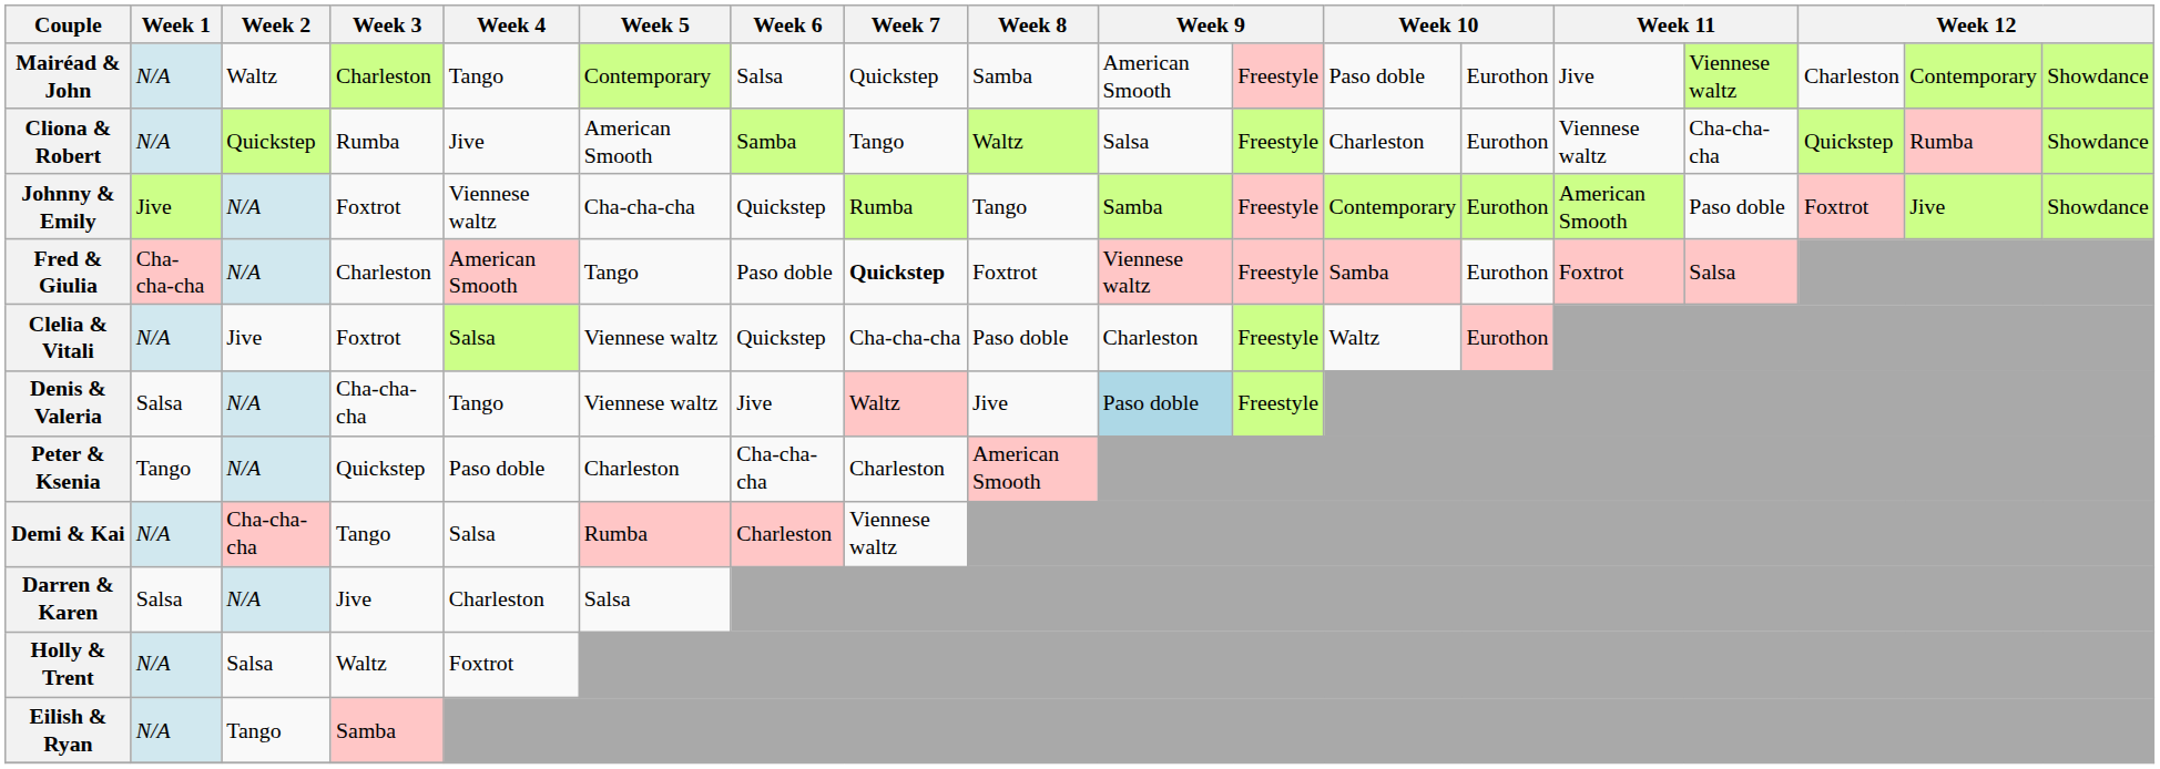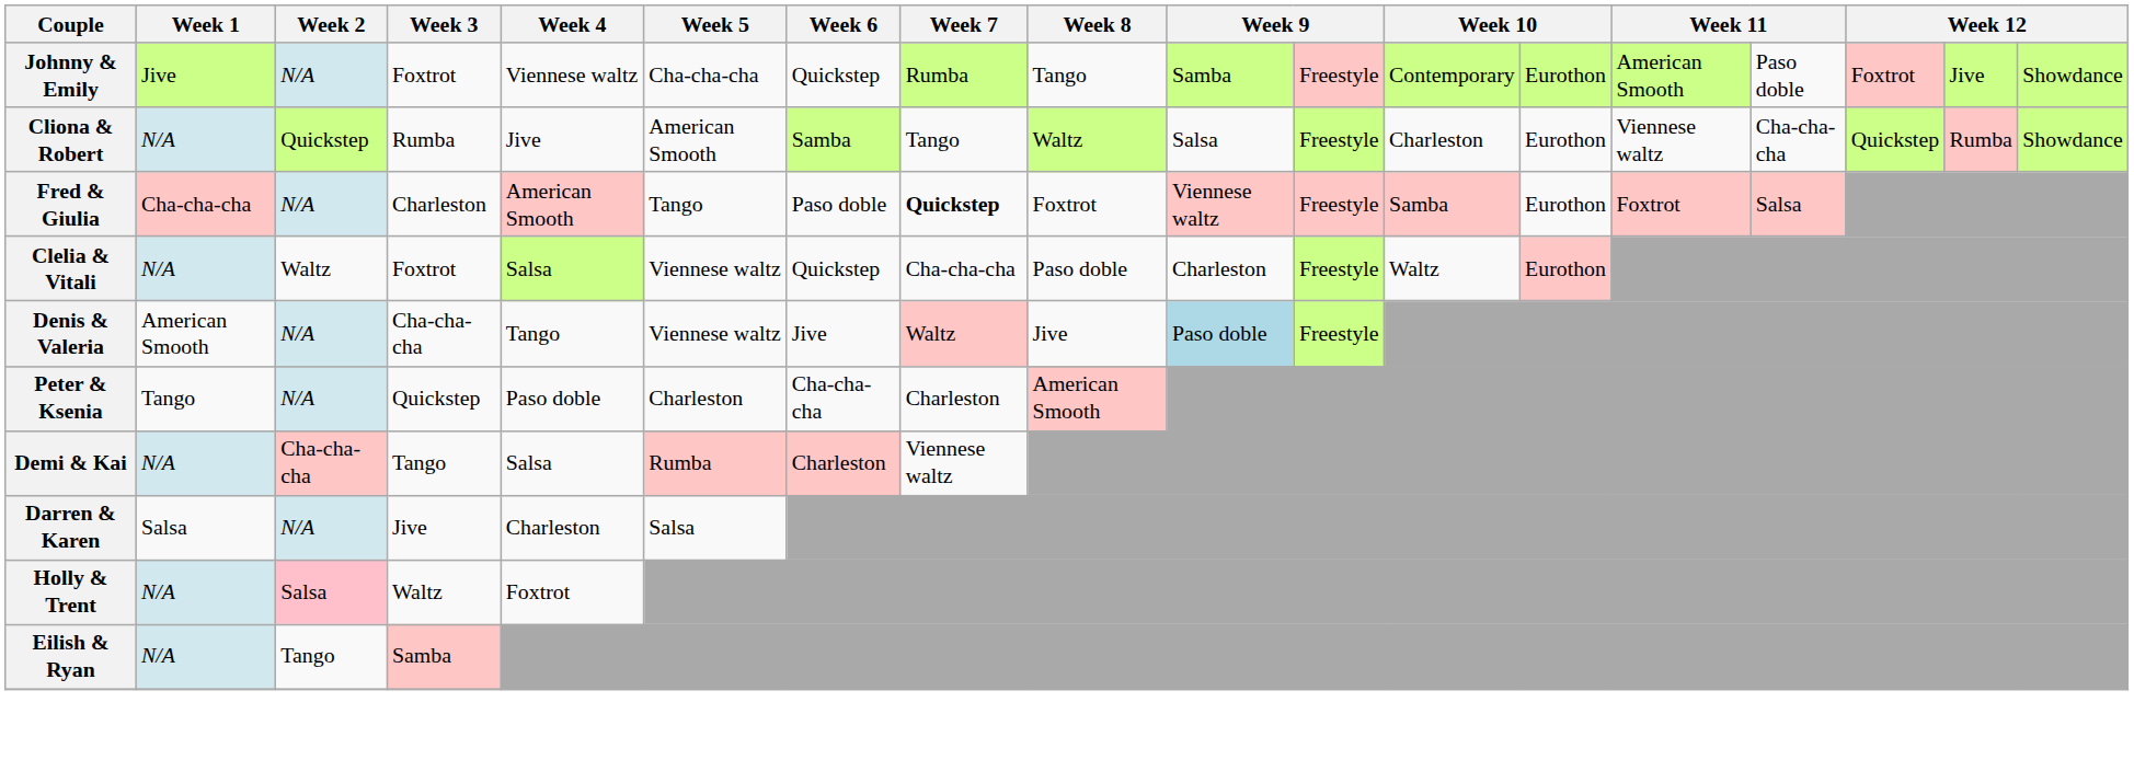 <table class="wikitable" style="text-align:left; font-size:80%; line-height:16px;">
 <tr>
 <th>Couple</th>
 <th>Week 1</th>
 <th>Week 2</th>
 <th>Week 3</th>
 <th>Week 4</th>
 <th>Week 5</th>
 <th>Week 6</th>
 <th>Week 7</th>
 <th>Week 8</th>
 <th colspan="2">Week 9</th>
 <th colspan="2">Week 10</th>
 <th colspan="2">Week 11</th>
 <th colspan="3">Week 12</th>
 </tr>
 <tr>
-<th>Mairéad & John</th>
+<th>Johnny & Emily</th>
+<td style="background:#ccff88;">Jive</td>
 <td style="background:#D1E8EF;"><em>N/A</em></td>
-<td>Waltz</td>
-<td style="background:#ccff88;">Charleston</td>
+<td>Foxtrot</td>
+<td>Viennese waltz</td>
+<td>Cha-cha-cha</td>
+<td>Quickstep <br></td>
+<td style="background:#ccff88;">Rumba</td>
 <td>Tango</td>
+<td style="background:#ccff88;">Samba</td>
+<td style="background:#ffc6c6;">Freestyle <br></td>
 <td style="background:#ccff88;">Contemporary</td>
-<td>Salsa <br></td>
-<td>Quickstep</td>
-<td>Samba</td>
-<td>American Smooth</td>
-<td style="background:#ffc6c6;">Freestyle <br></td>
+<td style="background:#ccff88;">Eurothon</td>
+<td style="background:#ccff88;">American Smooth</td>
 <td>Paso doble</td>
-<td>Eurothon</td>
-<td>Jive</td>
-<td style="background:#ccff88;">Viennese waltz</td>
-<td>Charleston</td>
-<td style="background:#ccff88;">Contemporary</td>
+<td style="background:#ffc6c6;">Foxtrot</td>
+<td style="background:#ccff88;">Jive</td>
 <td style="background:#ccff88;">Showdance</td>
 </tr>
 <tr>
 <th>Cliona & Robert</th>
 <td style="background:#D1E8EF;"><em>N/A</em></td>
 <td style="background:#ccff88;">Quickstep</td>
 <td>Rumba</td>
 <td>Jive</td>
 <td>American Smooth</td>
 <td style="background:#ccff88;">Samba <br></td>
 <td>Tango</td>
 <td style="background:#ccff88;">Waltz</td>
 <td>Salsa</td>
 <td style="background:#ccff88;">Freestyle <br></td>
 <td>Charleston</td>
 <td>Eurothon</td>
 <td>Viennese waltz</td>
 <td>Cha-cha-cha</td>
 <td style="background:#ccff88;">Quickstep</td>
 <td style="background:#ffc6c6;">Rumba</td>
 <td style="background:#ccff88;">Showdance</td>
 </tr>
 <tr>
-<th>Johnny & Emily</th>
-<td style="background:#ccff88;">Jive</td>
-<td style="background:#D1E8EF;"><em>N/A</em></td>
-<td>Foxtrot</td>
-<td>Viennese waltz</td>
-<td>Cha-cha-cha</td>
-<td>Quickstep <br></td>
-<td style="background:#ccff88;">Rumba</td>
-<td>Tango</td>
-<td style="background:#ccff88;">Samba</td>
-<td style="background:#ffc6c6;">Freestyle <br></td>
-<td style="background:#ccff88;">Contemporary</td>
-<td style="background:#ccff88;">Eurothon</td>
-<td style="background:#ccff88;">American Smooth</td>
-<td>Paso doble</td>
-<td style="background:#ffc6c6;">Foxtrot</td>
-<td style="background:#ccff88;">Jive</td>
-<td style="background:#ccff88;">Showdance</td>
-</tr>
-<tr>
 <th>Fred & Giulia</th>
 <td style="background:#ffc6c6;">Cha-cha-cha</td>
 <td style="background:#D1E8EF;"><em>N/A</em></td>
 <td>Charleston</td>
 <td style="background:#ffc6c6;">American Smooth</td>
 <td>Tango</td>
 <td>Paso doble <br></td>
 <td><strong>Quickstep</strong></td>
 <td>Foxtrot</td>
 <td style="background:#ffc6c6;">Viennese waltz</td>
 <td style="background:#ffc6c6;">Freestyle <br></td>
 <td style="background:#ffc6c6;">Samba</td>
 <td>Eurothon</td>
 <td style="background:#ffc6c6;">Foxtrot</td>
 <td style="background:#ffc6c6;">Salsa</td>
 <td colspan="3" style="background:darkgrey;"></td>
 </tr>
 <tr>
 <th>Clelia & Vitali</th>
 <td style="background:#D1E8EF;"><em>N/A</em></td>
-<td>Jive</td>
+<td>Waltz</td>
 <td>Foxtrot</td>
 <td style="background:#ccff88;">Salsa</td>
 <td>Viennese waltz</td>
 <td>Quickstep <br></td>
 <td>Cha-cha-cha</td>
 <td>Paso doble</td>
 <td>Charleston</td>
 <td style="background:#ccff88;">Freestyle <br></td>
 <td>Waltz</td>
 <td style="background:#ffc6c6;">Eurothon</td>
 <td colspan="5" style="background:darkgrey;"></td>
 </tr>
 <tr>
 <th>Denis & Valeria</th>
-<td>Salsa</td>
+<td>American Smooth</td>
 <td style="background:#D1E8EF;"><em>N/A</em></td>
 <td>Cha-cha-cha</td>
 <td>Tango</td>
 <td>Viennese waltz</td>
 <td>Jive <br></td>
 <td style="background:#ffc6c6;">Waltz</td>
 <td>Jive</td>
 <td style="background: lightblue;">Paso doble</td>
 <td style="background:#ccff88;">Freestyle <br></td>
 <td colspan="7" style="background:darkgrey;"></td>
 </tr>
 <tr>
 <th>Peter & Ksenia</th>
 <td>Tango</td>
 <td style="background:#D1E8EF;"><em>N/A</em></td>
 <td>Quickstep</td>
 <td>Paso doble</td>
 <td>Charleston</td>
 <td>Cha-cha-cha <br></td>
 <td>Charleston</td>
 <td style="background:#ffc6c6;">American Smooth</td>
 <td colspan="9" style="background:darkgrey;"></td>
 </tr>
 <tr>
 <th>Demi & Kai</th>
 <td style="background:#D1E8EF;"><em>N/A</em></td>
 <td style="background:#ffc6c6;">Cha-cha-cha</td>
 <td>Tango</td>
 <td>Salsa</td>
 <td style="background:#ffc6c6;">Rumba</td>
 <td style="background:#ffc6c6;">Charleston <br></td>
 <td>Viennese waltz</td>
 <td colspan="10" style="background:darkgrey;"></td>
 </tr>
 <tr>
 <th>Darren & Karen</th>
 <td>Salsa</td>
 <td style="background:#D1E8EF;"><em>N/A</em></td>
 <td>Jive</td>
 <td>Charleston</td>
 <td>Salsa</td>
 <td colspan="12" style="background:darkgrey;"></td>
 </tr>
 <tr>
 <th>Holly & Trent</th>
 <td style="background:#D1E8EF;"><em>N/A</em></td>
-<td>Salsa</td>
+<td style="background: pink;">Salsa</td>
 <td>Waltz</td>
 <td>Foxtrot</td>
 <td colspan="13" style="background:darkgrey;"></td>
 </tr>
 <tr>
 <th>Eilish & Ryan</th>
 <td style="background:#D1E8EF;"><em>N/A</em></td>
 <td>Tango</td>
 <td style="background:#ffc6c6;">Samba</td>
 <td colspan="14" style="background:darkgrey;"></td>
 </tr>
 <tr>
 </tr>
 </table>
